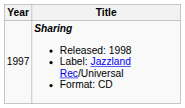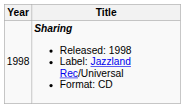 <table class="wikitable">
 <tr>
 <th>Year</th>
 <th style="width:225px;">Title</th>
 </tr>
 <tr>
-<td>1997</td>
+<td>1998</td>
 <td style="width:225px;"><strong><em>Sharing</em></strong><br><ul><li>Released: 1998</li><li>Label: <a href='#'>Jazzland Rec</a>/Universal </li><li>Format: CD</li></ul></td>
 </tr>
 </table>
